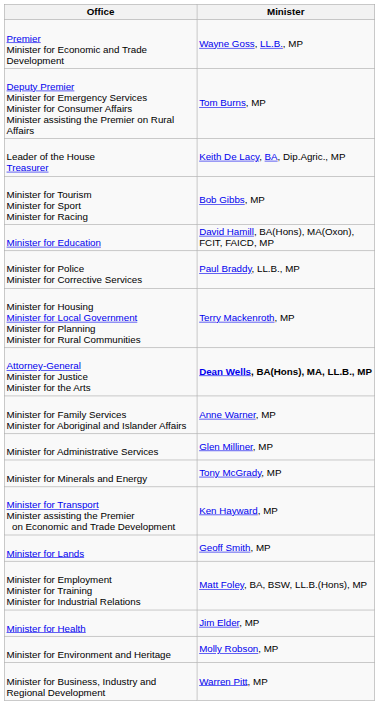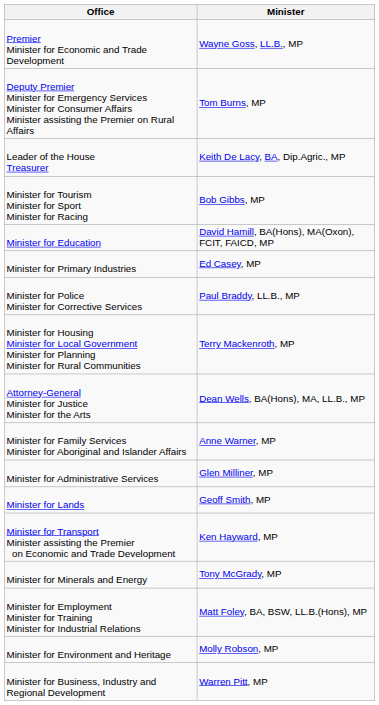 <table class="wikitable">
 <tr>
 <th>Office</th>
 <th>Minister</th>
 </tr>
 <tr>
 <td><br><a href='#'>Premier</a><br> Minister for Economic and Trade Development<br></td>
 <td><a href='#'>Wayne Goss</a>, <a href='#'>LL.B.</a>, MP</td>
 </tr>
 <tr>
 <td><br><a href='#'>Deputy Premier</a><br> Minister for Emergency Services<br> Minister for Consumer Affairs<br> Minister assisting the Premier on Rural Affairs<br></td>
 <td><a href='#'>Tom Burns</a>, MP</td>
 </tr>
 <tr>
 <td><br>Leader of the House<br> <a href='#'>Treasurer</a><br></td>
 <td><a href='#'>Keith De Lacy</a>, <a href='#'>BA</a>, Dip.Agric., MP</td>
 </tr>
 <tr>
 <td><br>Minister for Tourism<br> Minister for Sport<br> Minister for Racing<br></td>
 <td><a href='#'>Bob Gibbs</a>, MP</td>
 </tr>
 <tr>
 <td><br><a href='#'>Minister for Education</a><br></td>
 <td><a href='#'>David Hamill</a>, BA(Hons), MA(Oxon), FCIT, FAICD, MP</td>
 </tr>
 <tr>
+<td><br>Minister for Primary Industries<br></td>
+<td><a href='#'>Ed Casey</a>, MP</td>
+</tr>
+<tr>
 <td><br>Minister for Police<br> Minister for Corrective Services<br></td>
 <td><a href='#'>Paul Braddy</a>, LL.B., MP</td>
 </tr>
 <tr>
 <td><br>Minister for Housing<br> <a href='#'>Minister for Local Government</a><br> Minister for Planning<br> Minister for Rural Communities<br></td>
 <td><a href='#'>Terry Mackenroth</a>, MP</td>
 </tr>
 <tr>
 <td><br><a href='#'>Attorney-General</a><br> Minister for Justice<br> Minister for the Arts<br></td>
-<td><strong><a href='#'>Dean Wells</a>, BA(Hons), MA, LL.B., MP</strong></td>
+<td><a href='#'>Dean Wells</a>, BA(Hons), MA, LL.B., MP</td>
 </tr>
 <tr>
 <td><br>Minister for Family Services<br> Minister for Aboriginal and Islander Affairs</td>
 <td><a href='#'>Anne Warner</a>, MP</td>
 </tr>
 <tr>
 <td><br>Minister for Administrative Services<br></td>
 <td><a href='#'>Glen Milliner</a>, MP</td>
 </tr>
 <tr>
-<td><br>Minister for Minerals and Energy<br></td>
-<td><a href='#'>Tony McGrady</a>, MP</td>
+<td><br><a href='#'>Minister for Lands</a><br></td>
+<td><a href='#'>Geoff Smith</a>, MP</td>
 </tr>
 <tr>
 <td><br><a href='#'>Minister for Transport</a><br> Minister assisting the Premier<br>  on Economic and Trade Development</td>
 <td><a href='#'>Ken Hayward</a>, MP</td>
 </tr>
 <tr>
-<td><br><a href='#'>Minister for Lands</a><br></td>
-<td><a href='#'>Geoff Smith</a>, MP</td>
+<td><br>Minister for Minerals and Energy<br></td>
+<td><a href='#'>Tony McGrady</a>, MP</td>
 </tr>
 <tr>
 <td><br>Minister for Employment<br> Minister for Training<br> Minister for Industrial Relations<br></td>
 <td><a href='#'>Matt Foley</a>, BA, BSW, LL.B.(Hons), MP</td>
-</tr>
-<tr>
-<td><br><a href='#'>Minister for Health</a><br></td>
-<td><a href='#'>Jim Elder</a>, MP</td>
 </tr>
 <tr>
 <td><br>Minister for Environment and Heritage<br></td>
 <td><a href='#'>Molly Robson</a>, MP</td>
 </tr>
 <tr>
 <td><br>Minister for Business, Industry and Regional Development<br></td>
 <td><a href='#'>Warren Pitt</a>, MP</td>
 </tr>
 </table>
